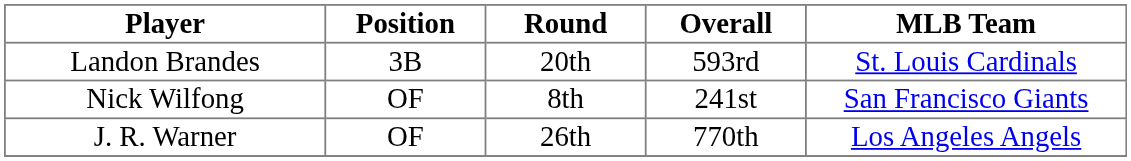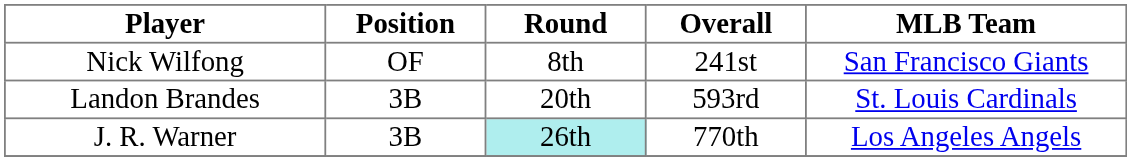 <table class="toccolours" border=1 style="text-align:center; border-collapse:collapse;">
 <tr>
 <th style="width:20%; ">Player</th>
 <th style="width:10%; ">Position</th>
 <th style="width:10%; ">Round</th>
 <th style="width:10%; ">Overall</th>
 <th style="width:20%; ">MLB Team</th>
 </tr>
 <tr>
+<td>Nick Wilfong</td>
+<td>OF</td>
+<td>8th</td>
+<td>241st</td>
+<td><a href='#'>San Francisco Giants</a></td>
+</tr>
+<tr>
 <td>Landon Brandes</td>
 <td>3B</td>
 <td>20th</td>
 <td>593rd</td>
 <td><a href='#'>St. Louis Cardinals</a></td>
 </tr>
 <tr>
-<td>Nick Wilfong</td>
-<td>OF</td>
-<td>8th</td>
-<td>241st</td>
-<td><a href='#'>San Francisco Giants</a></td>
-</tr>
-<tr>
 <td>J. R. Warner</td>
-<td>OF</td>
-<td>26th</td>
+<td>3B</td>
+<td style="background: paleturquoise;">26th</td>
 <td>770th</td>
 <td><a href='#'>Los Angeles Angels</a></td>
 </tr>
 <tr>
 </tr>
 </table>
